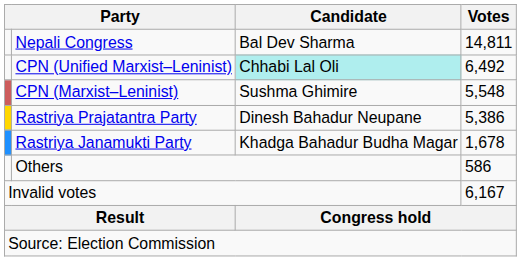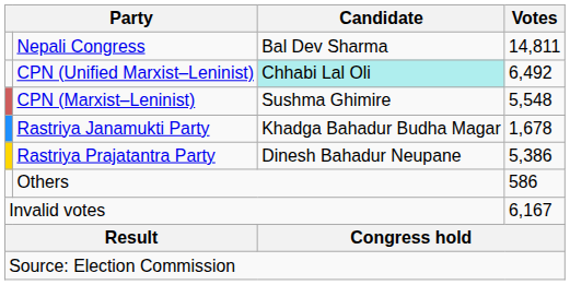 <table class="wikitable">
 <tr>
 <th colspan="2">Party</th>
 <th>Candidate</th>
 <th>Votes</th>
 </tr>
 <tr>
 <td style="background-color:"></td>
 <td><a href='#'>Nepali Congress</a></td>
 <td>Bal Dev Sharma</td>
 <td>14,811</td>
 </tr>
 <tr>
 <td style="background-color:"></td>
 <td><a href='#'>CPN (Unified Marxist–Leninist)</a></td>
 <td style="background: paleturquoise;">Chhabi Lal Oli</td>
 <td>6,492</td>
 </tr>
 <tr>
 <td style="background-color:indianred"></td>
 <td><a href='#'>CPN (Marxist–Leninist)</a></td>
 <td>Sushma Ghimire</td>
 <td>5,548</td>
 </tr>
 <tr>
+<td style="background-color:dodgerblue"></td>
+<td><a href='#'>Rastriya Janamukti Party</a></td>
+<td>Khadga Bahadur Budha Magar</td>
+<td>1,678</td>
+</tr>
+<tr>
 <td style="background-color:gold"></td>
 <td><a href='#'>Rastriya Prajatantra Party</a></td>
 <td>Dinesh Bahadur Neupane</td>
 <td>5,386</td>
-</tr>
-<tr>
-<td style="background-color:dodgerblue"></td>
-<td><a href='#'>Rastriya Janamukti Party</a></td>
-<td>Khadga Bahadur Budha Magar</td>
-<td>1,678</td>
 </tr>
 <tr>
 <td></td>
 <td colspan="2">Others</td>
 <td>586</td>
 </tr>
 <tr>
 <td colspan="3">Invalid votes</td>
 <td>6,167</td>
 </tr>
 <tr>
 <th colspan="2">Result</th>
 <th colspan="2">Congress hold</th>
 </tr>
 <tr>
 <td colspan="4">Source: Election Commission</td>
 </tr>
 </table>
